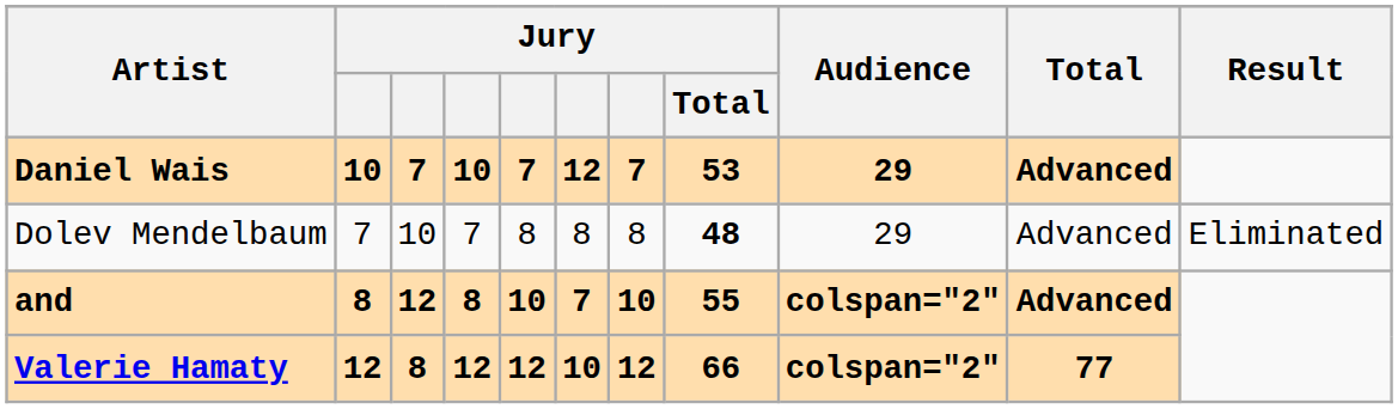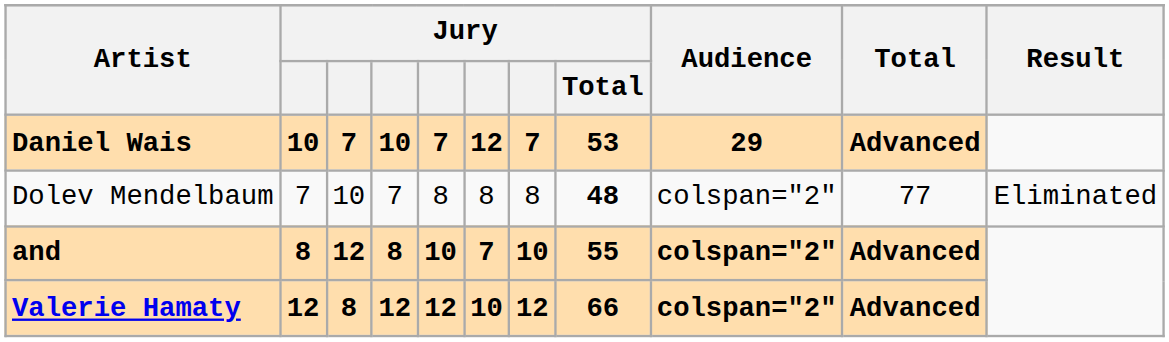 <table class="wikitable" style="margin: 1em auto 1em auto; text-align:center; font-size:90%; line-height:18px;">
 <tr>
 </tr>
 <tr>
 <th rowspan="2">Artist</th>
 <th colspan="7">Jury</th>
 <th rowspan="2">Audience</th>
 <th rowspan="2">Total</th>
 <th rowspan="2">Result</th>
 </tr>
 <tr>
 <th></th>
 <th></th>
 <th></th>
 <th></th>
 <th></th>
 <th></th>
 <th>Total</th>
 </tr>
 <tr style="font-weight:bold; background:navajowhite;">
 <td align="left">Daniel Wais</td>
 <td>10</td>
 <td>7</td>
 <td>10</td>
 <td>7</td>
 <td>12</td>
 <td>7</td>
 <td>53</td>
 <td>29</td>
 <td>Advanced</td>
 </tr>
 <tr>
 <td align="left">Dolev Mendelbaum</td>
 <td>7</td>
 <td>10</td>
 <td>7</td>
 <td>8</td>
 <td>8</td>
 <td>8</td>
 <td><strong>48</strong></td>
-<td>29</td>
-<td>Advanced</td>
+<td>colspan="2" </td>
+<td>77</td>
 <td>Eliminated</td>
 </tr>
 <tr style="font-weight:bold; background:navajowhite;">
 <td align="left"> and </td>
 <td>8</td>
 <td>12</td>
 <td>8</td>
 <td>10</td>
 <td>7</td>
 <td>10</td>
 <td>55</td>
 <td>colspan="2" </td>
 <td>Advanced</td>
 </tr>
 <tr style="font-weight:bold; background:navajowhite;">
 <td align="left"><a href='#'>Valerie Hamaty</a></td>
 <td>12</td>
 <td>8</td>
 <td>12</td>
 <td>12</td>
 <td>10</td>
 <td>12</td>
 <td>66</td>
 <td>colspan="2" </td>
-<td>77</td>
+<td>Advanced</td>
 </tr>
 </table>
